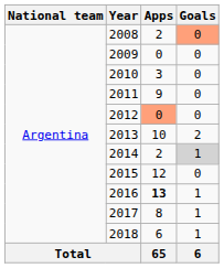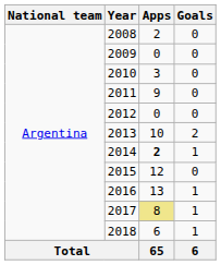 <table class=wikitable style="text-align: center;">
 <tr>
 <th>National team</th>
 <th>Year</th>
 <th>Apps</th>
 <th>Goals</th>
 </tr>
 <tr>
 <td rowspan=11><a href='#'>Argentina</a></td>
 <td>2008</td>
 <td>2</td>
-<td style="background: lightsalmon;">0</td>
+<td>0</td>
 </tr>
 <tr>
 <td>2009</td>
 <td>0</td>
 <td>0</td>
 </tr>
 <tr>
 <td>2010</td>
 <td>3</td>
 <td>0</td>
 </tr>
 <tr>
 <td>2011</td>
 <td>9</td>
 <td>0</td>
 </tr>
 <tr>
 <td>2012</td>
-<td style="background: lightsalmon;">0</td>
+<td>0</td>
 <td>0</td>
 </tr>
 <tr>
 <td>2013</td>
 <td>10</td>
 <td>2</td>
 </tr>
 <tr>
 <td>2014</td>
-<td>2</td>
-<td style="background: lightgrey;">1</td>
+<td><strong>2</strong></td>
+<td>1</td>
 </tr>
 <tr>
 <td>2015</td>
 <td>12</td>
 <td>0</td>
 </tr>
 <tr>
 <td>2016</td>
-<td><strong>13</strong></td>
+<td>13</td>
 <td>1</td>
 </tr>
 <tr>
 <td>2017</td>
-<td>8</td>
+<td style="background: khaki;">8</td>
 <td>1</td>
 </tr>
 <tr>
 <td>2018</td>
 <td>6</td>
 <td>1</td>
 </tr>
 <tr>
 <th colspan=2>Total</th>
 <th>65</th>
 <th>6</th>
 </tr>
 </table>
